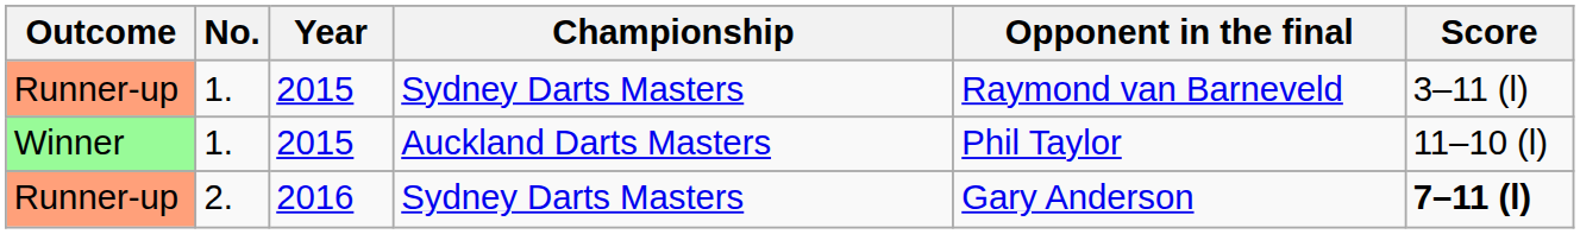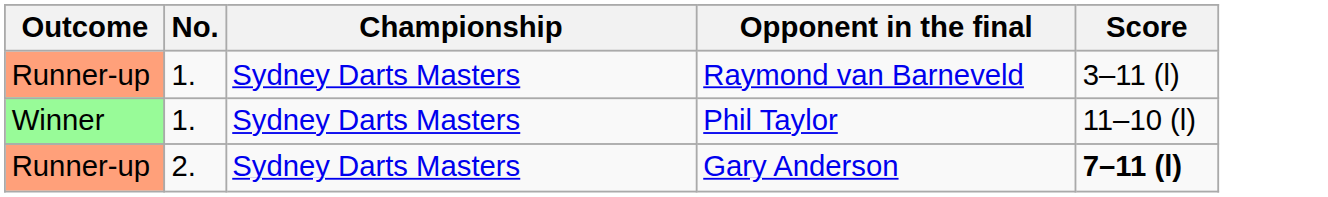 <table class="sortable wikitable">
 <tr>
 <th style="width:80px;">Outcome</th>
 <th style="width:20px;">No.</th>
-<th style="width:50px;">Year</th>
 <th style="width:250px;">Championship</th>
 <th style="width:200px;">Opponent in the final</th>
 <th style="width:70px;">Score</th>
 </tr>
 <tr>
 <td style="background:#ffa07a">Runner-up</td>
 <td>1.</td>
-<td><a href='#'>2015</a></td>
 <td><a href='#'>Sydney Darts Masters</a></td>
 <td> <a href='#'>Raymond van Barneveld</a></td>
 <td>3–11 (l)</td>
 </tr>
 <tr>
 <td style="background:#98FB98">Winner</td>
 <td>1.</td>
-<td><a href='#'>2015</a></td>
-<td><a href='#'>Auckland Darts Masters</a></td>
+<td><a href='#'>Sydney Darts Masters</a></td>
 <td> <a href='#'>Phil Taylor</a></td>
 <td>11–10 (l)</td>
 </tr>
 <tr>
 <td style="background:#ffa07a">Runner-up</td>
 <td>2.</td>
-<td><a href='#'>2016</a></td>
 <td><a href='#'>Sydney Darts Masters</a></td>
 <td> <a href='#'>Gary Anderson</a></td>
 <td><strong>7–11 (l)</strong></td>
 </tr>
 </table>
